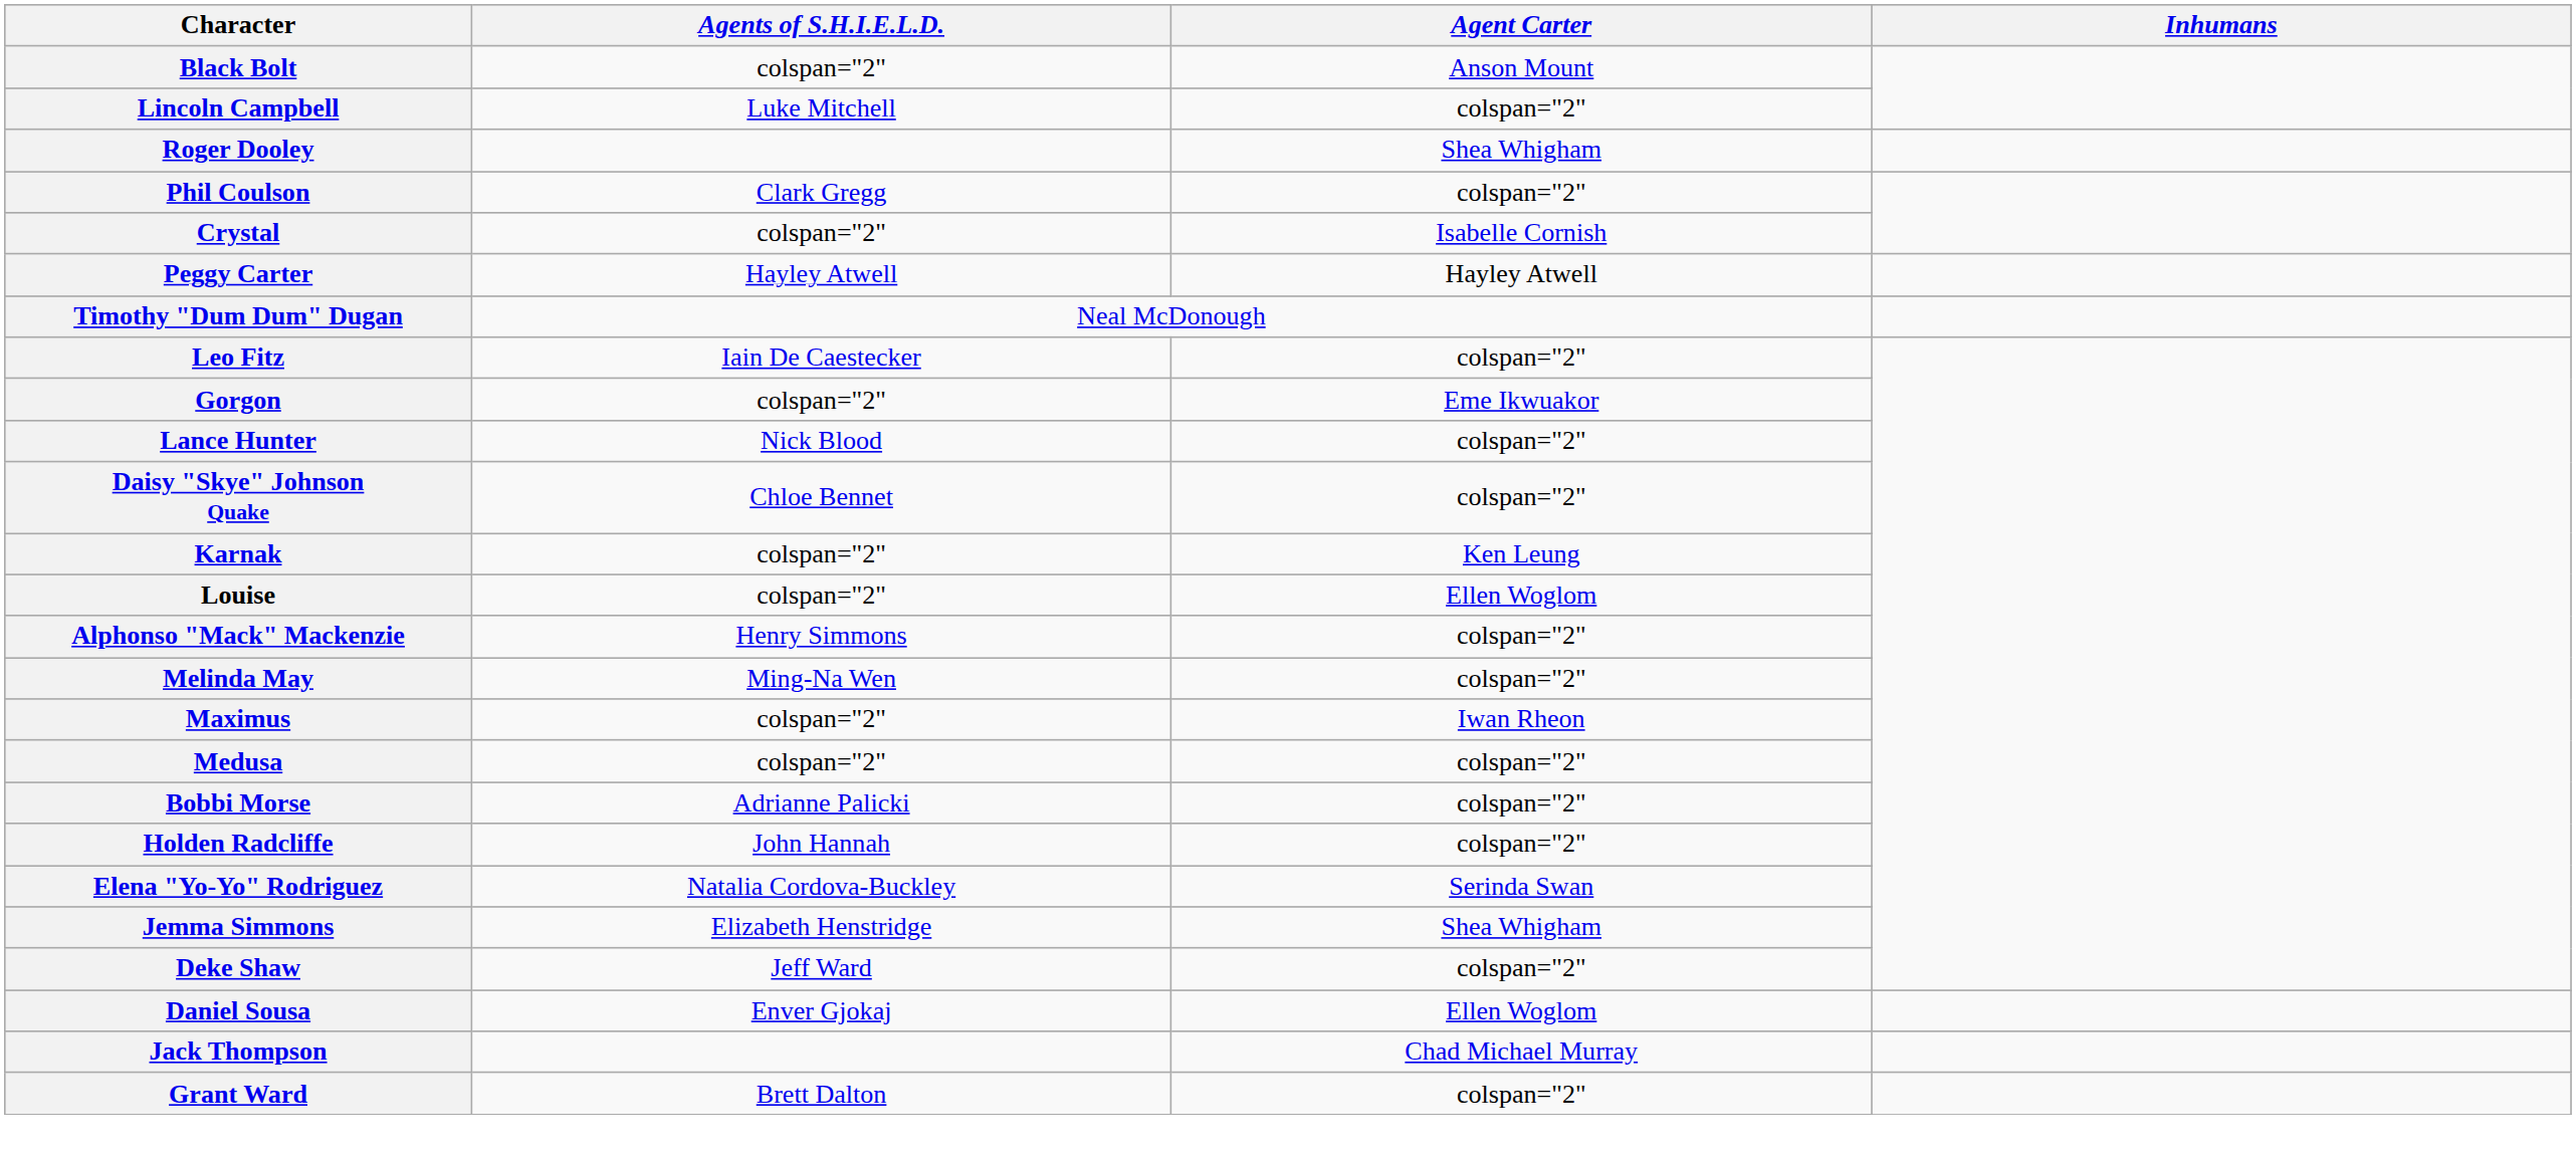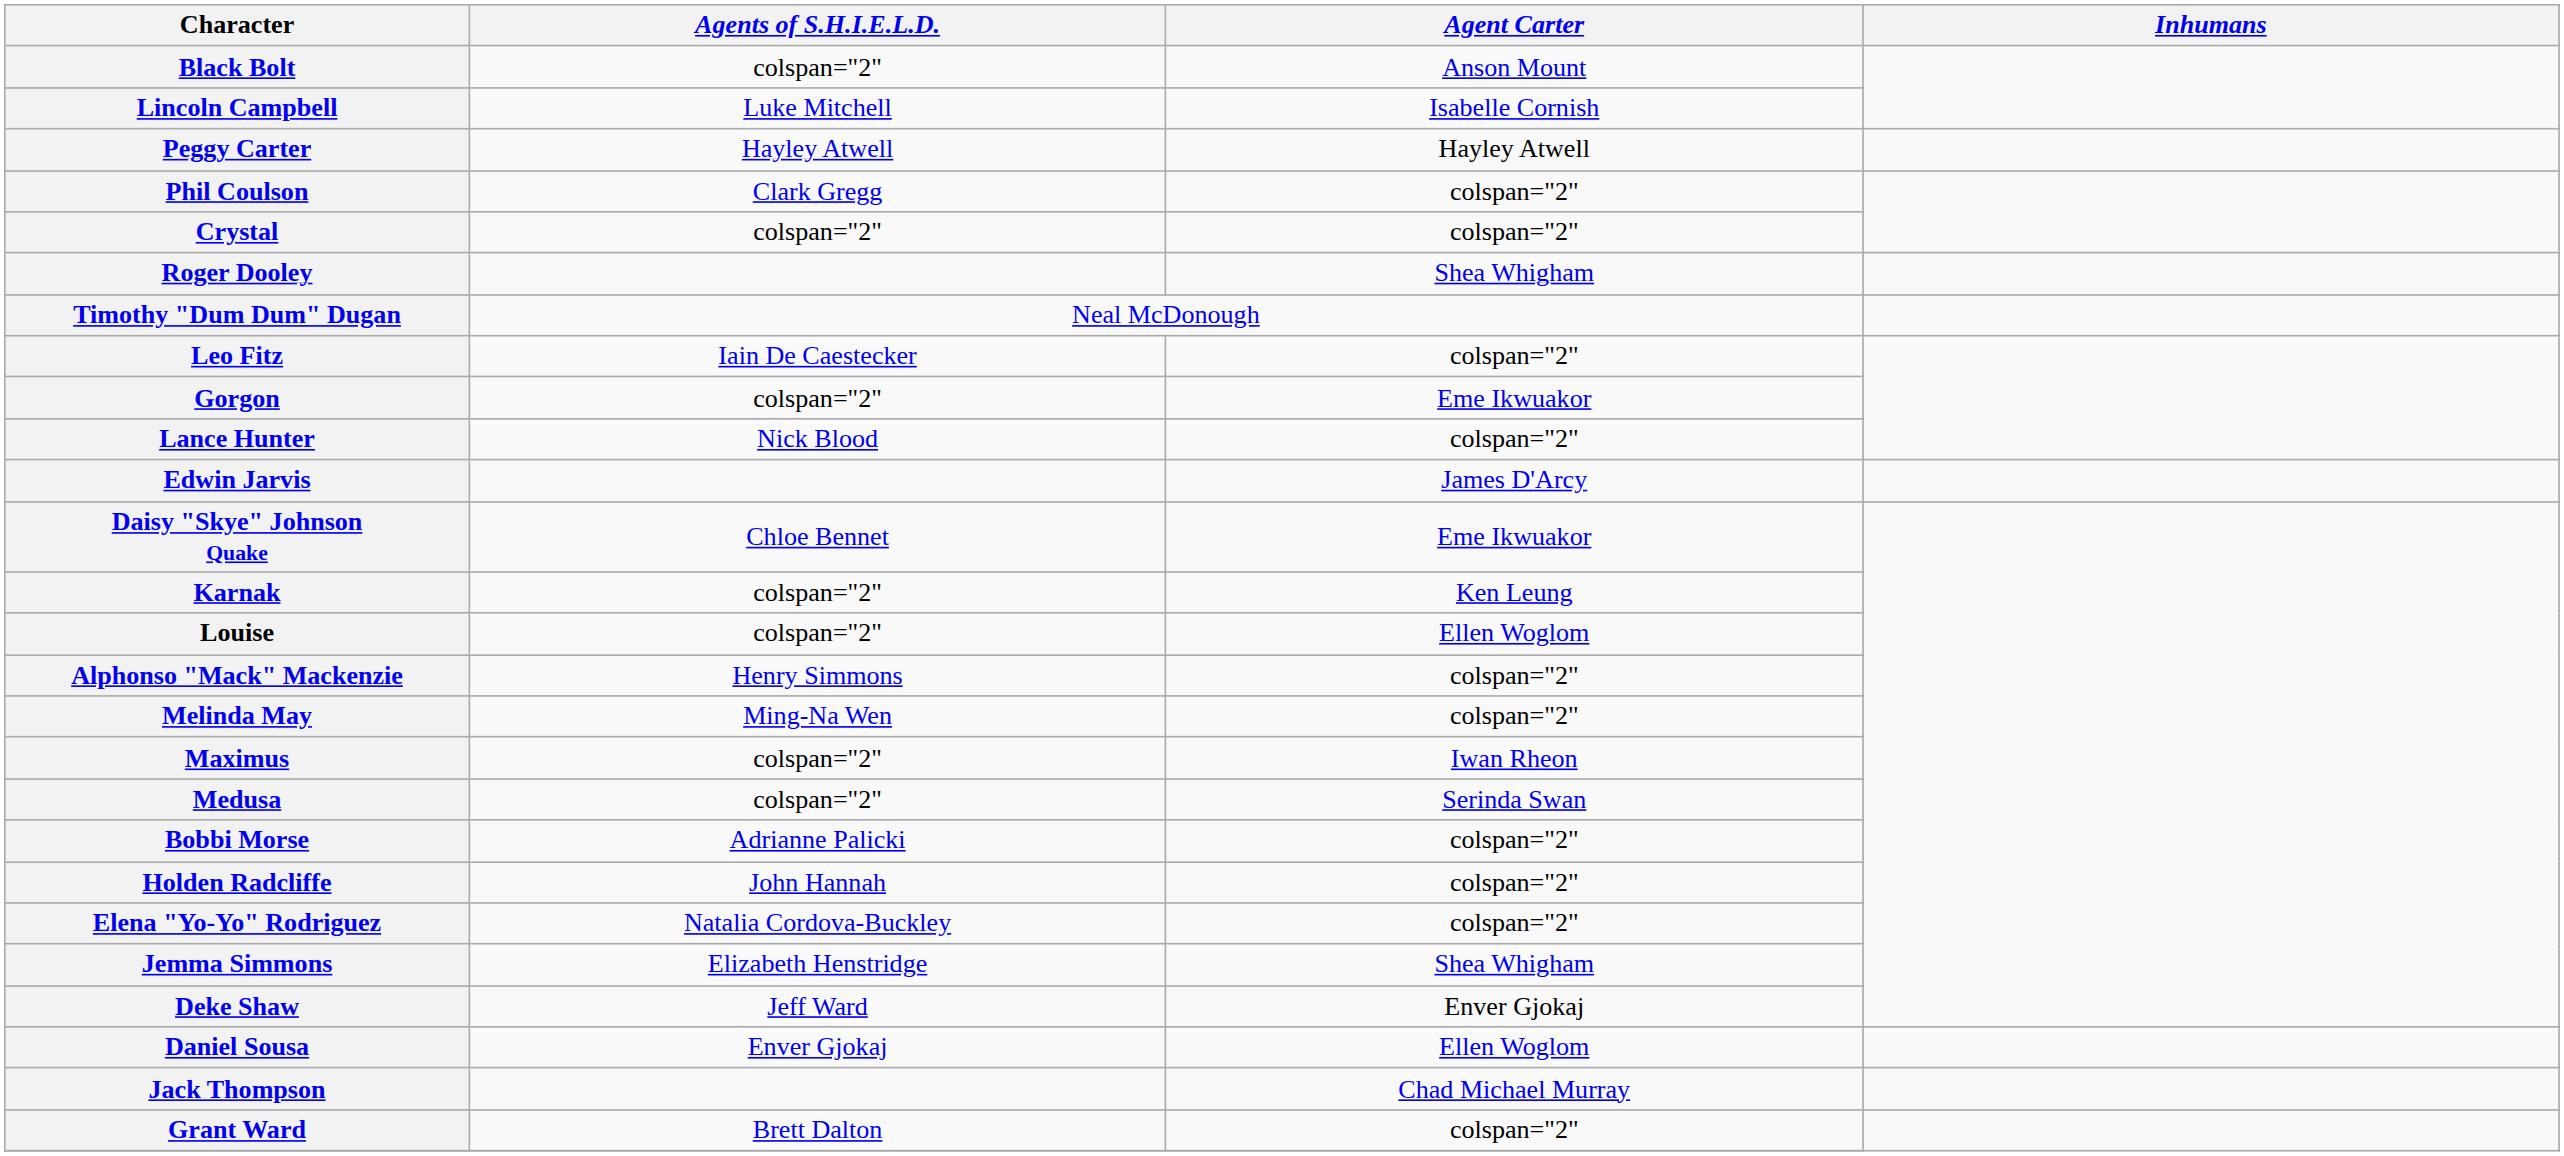 <table class="wikitable" style="text-align: center; width: 99%;">
 <tr>
 <th scope="col" style="width: 18%;">Character</th>
 <th scope="col" style="width: 27%;"><em><a href='#'>Agents of S.H.I.E.L.D.</a></em></th>
 <th scope="col" style="width: 27%;"><em><a href='#'>Agent Carter</a></em></th>
 <th scope="col" style="width: 27%;"><em><a href='#'>Inhumans</a></em></th>
 </tr>
 <tr>
 <th scope="row"><a href='#'>Black Bolt</a></th>
 <td>colspan="2" </td>
 <td><a href='#'>Anson Mount</a></td>
 </tr>
 <tr>
 <th scope="row"><a href='#'>Lincoln Campbell</a></th>
 <td><a href='#'>Luke Mitchell</a></td>
-<td>colspan="2" </td>
+<td><a href='#'>Isabelle Cornish</a></td>
 </tr>
 <tr>
-<th scope="row"><a href='#'>Roger Dooley</a></th>
-<td></td>
-<td><a href='#'>Shea Whigham</a></td>
+<th scope="row"><a href='#'>Peggy Carter</a> </th>
+<td><a href='#'>Hayley Atwell</a></td>
+<td>Hayley Atwell</td>
 <td></td>
 </tr>
 <tr>
 <th scope="row"><a href='#'>Phil Coulson</a>  </th>
 <td><a href='#'>Clark Gregg</a></td>
 <td>colspan="2" </td>
 </tr>
 <tr>
 <th scope="row"><a href='#'>Crystal</a></th>
 <td>colspan="2" </td>
-<td><a href='#'>Isabelle Cornish</a></td>
+<td>colspan="2" </td>
 </tr>
 <tr>
-<th scope="row"><a href='#'>Peggy Carter</a> </th>
-<td><a href='#'>Hayley Atwell</a></td>
-<td>Hayley Atwell</td>
+<th scope="row"><a href='#'>Roger Dooley</a></th>
+<td></td>
+<td><a href='#'>Shea Whigham</a></td>
 <td></td>
 </tr>
 <tr>
 <th scope="row"><a href='#'>Timothy "Dum Dum" Dugan</a> </th>
 <td colspan="2"><a href='#'>Neal McDonough</a></td>
 <td></td>
 </tr>
 <tr>
 <th scope="row"><a href='#'>Leo Fitz</a></th>
 <td><a href='#'>Iain De Caestecker</a></td>
 <td>colspan="2" </td>
 </tr>
 <tr>
 <th scope="row"><a href='#'>Gorgon</a></th>
 <td>colspan="2" </td>
 <td><a href='#'>Eme Ikwuakor</a></td>
 </tr>
 <tr>
 <th scope="row"><a href='#'>Lance Hunter</a></th>
 <td><a href='#'>Nick Blood</a></td>
 <td>colspan="2" </td>
 </tr>
 <tr>
+<th scope="row"><a href='#'>Edwin Jarvis</a></th>
+<td></td>
+<td><a href='#'>James D'Arcy</a></td>
+<td></td>
+</tr>
+<tr>
 <th scope="row"><a href='#'>Daisy "Skye" Johnson<br><small>Quake</small></a></th>
 <td><a href='#'>Chloe Bennet</a></td>
-<td>colspan="2" </td>
+<td><a href='#'>Eme Ikwuakor</a></td>
 </tr>
 <tr>
 <th scope="row"><a href='#'>Karnak</a></th>
 <td>colspan="2" </td>
 <td><a href='#'>Ken Leung</a></td>
 </tr>
 <tr>
 <th scope="row">Louise</th>
 <td>colspan="2" </td>
 <td><a href='#'>Ellen Woglom</a></td>
 </tr>
 <tr>
 <th scope="row"><a href='#'>Alphonso "Mack" Mackenzie</a></th>
 <td><a href='#'>Henry Simmons</a></td>
 <td>colspan="2" </td>
 </tr>
 <tr>
 <th scope="row"><a href='#'>Melinda May</a></th>
 <td><a href='#'>Ming-Na Wen</a></td>
 <td>colspan="2" </td>
 </tr>
 <tr>
 <th scope="row"><a href='#'>Maximus</a></th>
 <td>colspan="2" </td>
 <td><a href='#'>Iwan Rheon</a></td>
 </tr>
 <tr>
 <th scope="row"><a href='#'>Medusa</a></th>
 <td>colspan="2" </td>
-<td>colspan="2" </td>
+<td><a href='#'>Serinda Swan</a></td>
 </tr>
 <tr>
 <th scope="row"><a href='#'>Bobbi Morse</a></th>
 <td><a href='#'>Adrianne Palicki</a></td>
 <td>colspan="2" </td>
 </tr>
 <tr>
 <th scope="row"><a href='#'>Holden Radcliffe</a></th>
 <td><a href='#'>John Hannah</a></td>
 <td>colspan="2" </td>
 </tr>
 <tr>
 <th scope="row"><a href='#'>Elena "Yo-Yo" Rodriguez</a></th>
 <td><a href='#'>Natalia Cordova-Buckley</a></td>
-<td><a href='#'>Serinda Swan</a></td>
+<td>colspan="2" </td>
 </tr>
 <tr>
 <th scope="row"><a href='#'>Jemma Simmons</a></th>
 <td><a href='#'>Elizabeth Henstridge</a></td>
 <td><a href='#'>Shea Whigham</a></td>
 </tr>
 <tr>
 <th scope="row"><a href='#'>Deke Shaw</a></th>
 <td><a href='#'>Jeff Ward</a></td>
-<td>colspan="2" </td>
+<td>Enver Gjokaj</td>
 </tr>
 <tr>
 <th scope="row"><a href='#'>Daniel Sousa</a></th>
 <td><a href='#'>Enver Gjokaj</a></td>
 <td><a href='#'>Ellen Woglom</a></td>
 <td></td>
 </tr>
 <tr>
 <th scope="row"><a href='#'>Jack Thompson</a></th>
 <td></td>
 <td><a href='#'>Chad Michael Murray</a></td>
 <td></td>
 </tr>
 <tr>
 <th scope="row"><a href='#'>Grant Ward</a></th>
 <td><a href='#'>Brett Dalton</a></td>
 <td>colspan="2" </td>
 </tr>
 <tr>
 </tr>
 </table>
